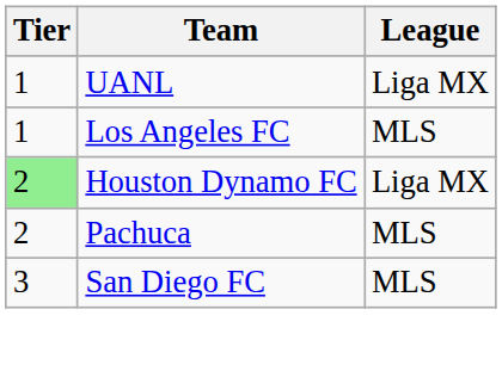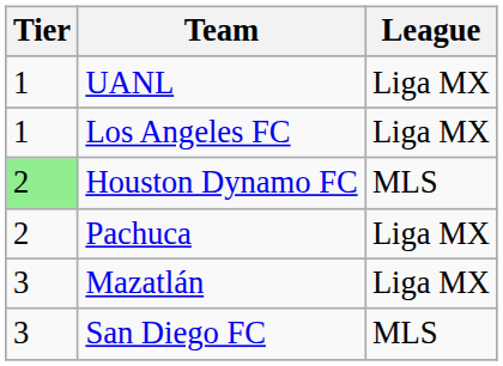 <table class="wikitable" style="white-space:nowrap; display:inline-table;">
 <tr>
 <th>Tier</th>
 <th>Team</th>
 <th>League</th>
 </tr>
 <tr>
 <td>1</td>
 <td><a href='#'>UANL</a></td>
 <td>Liga MX</td>
 </tr>
 <tr>
 <td>1</td>
 <td><a href='#'>Los Angeles FC</a></td>
-<td>MLS</td>
+<td>Liga MX</td>
 </tr>
 <tr>
 <td style="background: lightgreen;">2</td>
 <td><a href='#'>Houston Dynamo FC</a></td>
-<td>Liga MX</td>
+<td>MLS</td>
 </tr>
 <tr>
 <td>2</td>
 <td><a href='#'>Pachuca</a></td>
-<td>MLS</td>
+<td>Liga MX</td>
+</tr>
+<tr>
+<td>3</td>
+<td><a href='#'>Mazatlán</a></td>
+<td>Liga MX</td>
 </tr>
 <tr>
 <td>3</td>
 <td><a href='#'>San Diego FC</a></td>
 <td>MLS</td>
 </tr>
 </table>
